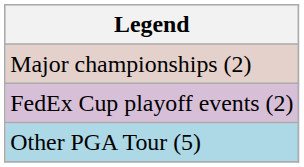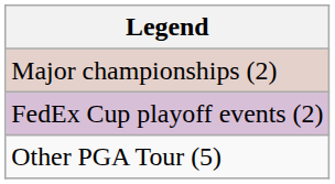 <table class="wikitable notheme" style="font-size:95%;">
 <tr>
 <th>Legend</th>
 </tr>
 <tr style="background:#e5d1cb;">
 <td>Major championships (2)</td>
 </tr>
 <tr style="background:thistle; color: black;">
 <td>FedEx Cup playoff events (2)</td>
 </tr>
 <tr>
-<td style="background: lightblue;">Other PGA Tour (5)</td>
+<td>Other PGA Tour (5)</td>
 </tr>
 </table>
